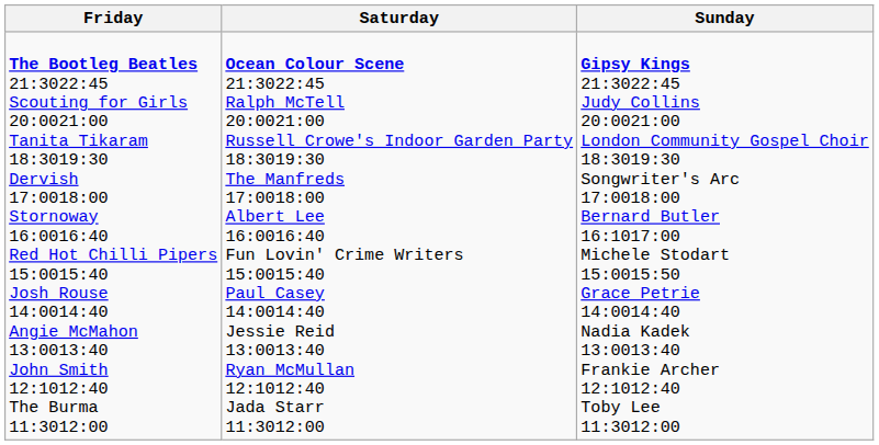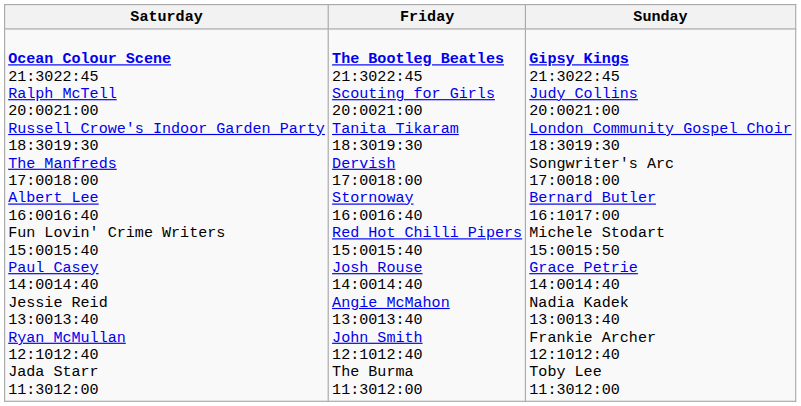 <table class="wikitable">
 <tr>
+<th>Saturday</th>
 <th>Friday</th>
-<th>Saturday</th>
 <th>Sunday</th>
 </tr>
 <tr valign="top">
+<td><br><strong><a href='#'>Ocean Colour Scene</a></strong><br>21:3022:45<br> <a href='#'>Ralph McTell</a><br>20:0021:00<br> <a href='#'>Russell Crowe's Indoor Garden Party</a><br>18:3019:30<br> <a href='#'>The Manfreds</a><br>17:0018:00<br> <a href='#'>Albert Lee</a><br>16:0016:40<br> Fun Lovin' Crime Writers<br>15:0015:40<br> <a href='#'>Paul Casey</a><br>14:0014:40<br> Jessie Reid<br>13:0013:40<br> <a href='#'>Ryan McMullan</a><br>12:1012:40<br> Jada Starr<br>11:3012:00</td>
 <td><br><strong><a href='#'>The Bootleg Beatles</a></strong><br>21:3022:45<br> <a href='#'>Scouting for Girls</a><br>20:0021:00<br> <a href='#'>Tanita Tikaram</a><br>18:3019:30<br> <a href='#'>Dervish</a><br>17:0018:00<br> <a href='#'>Stornoway</a><br>16:0016:40<br> <a href='#'>Red Hot Chilli Pipers</a><br>15:0015:40<br> <a href='#'>Josh Rouse</a><br>14:0014:40<br> <a href='#'>Angie McMahon</a><br>13:0013:40<br> <a href='#'>John Smith</a><br>12:1012:40<br> The Burma<br>11:3012:00</td>
-<td><br><strong><a href='#'>Ocean Colour Scene</a></strong><br>21:3022:45<br> <a href='#'>Ralph McTell</a><br>20:0021:00<br> <a href='#'>Russell Crowe's Indoor Garden Party</a><br>18:3019:30<br> <a href='#'>The Manfreds</a><br>17:0018:00<br> <a href='#'>Albert Lee</a><br>16:0016:40<br> Fun Lovin' Crime Writers<br>15:0015:40<br> <a href='#'>Paul Casey</a><br>14:0014:40<br> Jessie Reid<br>13:0013:40<br> <a href='#'>Ryan McMullan</a><br>12:1012:40<br> Jada Starr<br>11:3012:00</td>
 <td><br><strong><a href='#'>Gipsy Kings</a></strong><br>21:3022:45<br> <a href='#'>Judy Collins</a><br>20:0021:00<br> <a href='#'>London Community Gospel Choir</a><br>18:3019:30<br> Songwriter's Arc<br>17:0018:00<br> <a href='#'>Bernard Butler</a><br>16:1017:00<br> Michele Stodart<br>15:0015:50<br> <a href='#'>Grace Petrie</a><br>14:0014:40<br> Nadia Kadek<br>13:0013:40<br> Frankie Archer<br>12:1012:40<br> Toby Lee<br>11:3012:00</td>
 </tr>
 </table>
